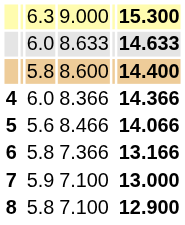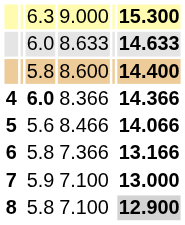 <table>
 <tr style="background:#fffcaf;">
 <th scope=row style="text-align:center"></th>
 <td style="text-align:left;"></td>
 <td>6.3</td>
 <td>9.000</td>
 <td></td>
 <td><strong>15.300</strong></td>
 </tr>
 <tr style="background:#e5e5e5;">
 <th scope=row style="text-align:center"></th>
 <td style="text-align:left;"></td>
 <td>6.0</td>
 <td>8.633</td>
 <td></td>
 <td><strong>14.633</strong></td>
 </tr>
 <tr style="background:#ec9;">
 <th scope=row style="text-align:center"></th>
 <td style="text-align:left;"></td>
 <td>5.8</td>
 <td>8.600</td>
 <td></td>
 <td><strong>14.400</strong></td>
 </tr>
 <tr>
 <th scope=row style="text-align:center">4</th>
 <td style="text-align:left;"></td>
-<td>6.0</td>
+<td><strong>6.0</strong></td>
 <td>8.366</td>
 <td></td>
 <td><strong>14.366</strong></td>
 </tr>
 <tr>
 <th scope=row style="text-align:center">5</th>
 <td style="text-align:left;"></td>
 <td>5.6</td>
 <td>8.466</td>
 <td></td>
 <td><strong>14.066</strong></td>
 </tr>
 <tr>
 <th scope=row style="text-align:center">6</th>
 <td style="text-align:left;"></td>
 <td>5.8</td>
 <td>7.366</td>
 <td></td>
 <td><strong>13.166</strong></td>
 </tr>
 <tr>
 <th scope=row style="text-align:center">7</th>
 <td style="text-align:left;"></td>
 <td>5.9</td>
 <td>7.100</td>
 <td></td>
 <td><strong>13.000</strong></td>
 </tr>
 <tr>
 <th scope=row style="text-align:center">8</th>
 <td style="text-align:left;"></td>
 <td>5.8</td>
 <td>7.100</td>
 <td></td>
-<td><strong>12.900</strong></td>
+<td style="background: lightgrey;"><strong>12.900</strong></td>
 </tr>
 </table>
